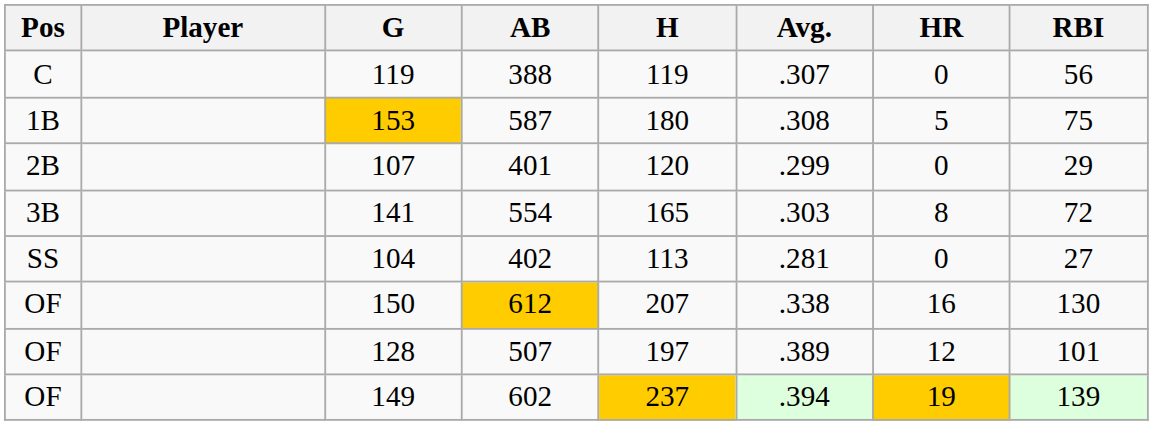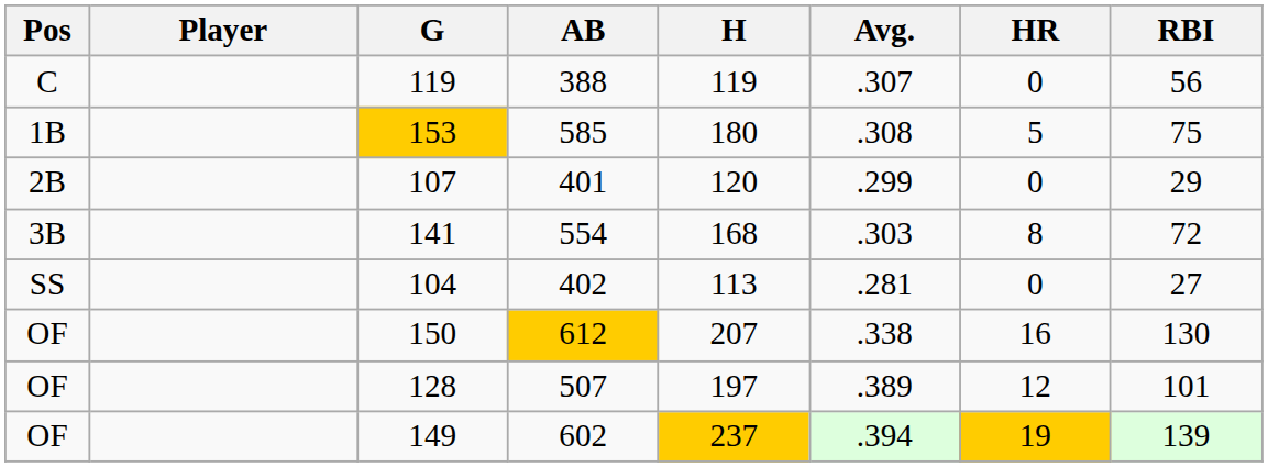 <table class="wikitable sortable">
 <tr>
 <th bgcolor="#DDDDFF" width="5%">Pos</th>
 <th bgcolor="#DDDDFF" width="16%">Player</th>
 <th bgcolor="#DDDDFF" width="9%">G</th>
 <th bgcolor="#DDDDFF" width="9%">AB</th>
 <th bgcolor="#DDDDFF" width="9%">H</th>
 <th bgcolor="#DDDDFF" width="9%">Avg.</th>
 <th bgcolor="#DDDDFF" width="9%">HR</th>
 <th bgcolor="#DDDDFF" width="9%">RBI</th>
 </tr>
 <tr align="center">
 <td>C</td>
 <td></td>
 <td>119</td>
 <td>388</td>
 <td>119</td>
 <td>.307</td>
 <td>0</td>
 <td>56</td>
 </tr>
 <tr align="center">
 <td>1B</td>
 <td></td>
 <td style="background:#fc0;">153</td>
-<td>587</td>
+<td>585</td>
 <td>180</td>
 <td>.308</td>
 <td>5</td>
 <td>75</td>
 </tr>
 <tr align="center">
 <td>2B</td>
 <td></td>
 <td>107</td>
 <td>401</td>
 <td>120</td>
 <td>.299</td>
 <td>0</td>
 <td>29</td>
 </tr>
 <tr align="center">
 <td>3B</td>
 <td></td>
 <td>141</td>
 <td>554</td>
-<td>165</td>
+<td>168</td>
 <td>.303</td>
 <td>8</td>
 <td>72</td>
 </tr>
 <tr align="center">
 <td>SS</td>
 <td></td>
 <td>104</td>
 <td>402</td>
 <td>113</td>
 <td>.281</td>
 <td>0</td>
 <td>27</td>
 </tr>
 <tr align="center">
 <td>OF</td>
 <td></td>
 <td>150</td>
 <td style="background:#fc0;">612</td>
 <td>207</td>
 <td>.338</td>
 <td>16</td>
 <td>130</td>
 </tr>
 <tr align="center">
 <td>OF</td>
 <td></td>
 <td>128</td>
 <td>507</td>
 <td>197</td>
 <td>.389</td>
 <td>12</td>
 <td>101</td>
 </tr>
 <tr align="center">
 <td>OF</td>
 <td></td>
 <td>149</td>
 <td>602</td>
 <td style="background:#fc0;">237</td>
 <td style="background:#DDFFDD;">.394</td>
 <td style="background:#fc0;">19</td>
 <td style="background:#DDFFDD;">139</td>
 </tr>
 </table>
